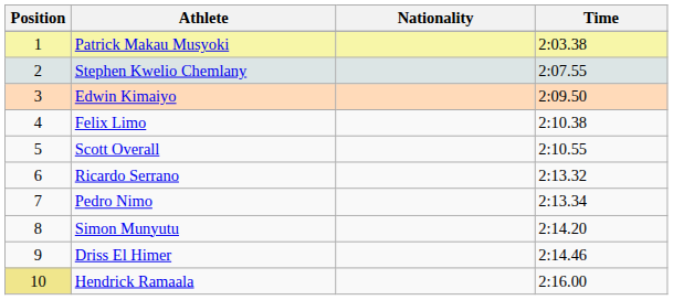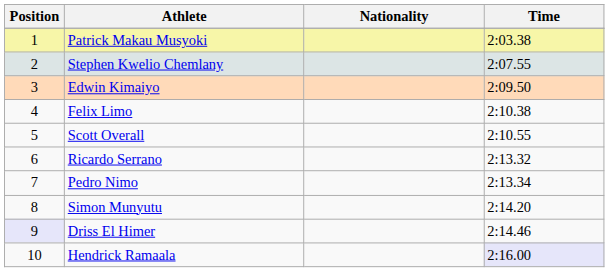 <table class="wikitable sortable" border="1"  style="font-size:95%;" width=50%>
 <tr>
 <th width="10%">Position</th>
 <th width="40%">Athlete</th>
 <th width="30%">Nationality</th>
 <th width="20%">Time</th>
 </tr>
 <tr>
 </tr>
 <tr bgcolor="#F7F6A8">
 <td align=center>1</td>
 <td><a href='#'>Patrick Makau Musyoki</a></td>
 <td></td>
 <td>2:03.38</td>
 </tr>
 <tr bgcolor="#DCE5E5">
 <td align=center>2</td>
 <td><a href='#'>Stephen Kwelio Chemlany</a></td>
 <td></td>
 <td>2:07.55</td>
 </tr>
 <tr bgcolor="#FFDAB9">
 <td align=center>3</td>
 <td><a href='#'>Edwin Kimaiyo</a></td>
 <td></td>
 <td>2:09.50</td>
 </tr>
 <tr>
 <td align=center>4</td>
 <td><a href='#'>Felix Limo</a></td>
 <td></td>
 <td>2:10.38</td>
 </tr>
 <tr>
 <td align=center>5</td>
 <td><a href='#'>Scott Overall</a></td>
 <td></td>
 <td>2:10.55</td>
 </tr>
 <tr>
 <td align=center>6</td>
 <td><a href='#'>Ricardo Serrano</a></td>
 <td></td>
 <td>2:13.32</td>
 </tr>
 <tr>
 <td align=center>7</td>
 <td><a href='#'>Pedro Nimo</a></td>
 <td></td>
 <td>2:13.34</td>
 </tr>
 <tr>
 <td align=center>8</td>
 <td><a href='#'>Simon Munyutu</a></td>
 <td></td>
 <td>2:14.20</td>
 </tr>
 <tr>
-<td align=center>9</td>
+<td align=center style="background: lavender;">9</td>
 <td><a href='#'>Driss El Himer</a></td>
 <td></td>
 <td>2:14.46</td>
 </tr>
 <tr>
-<td align=center style="background: khaki;">10</td>
+<td align=center>10</td>
 <td><a href='#'>Hendrick Ramaala</a></td>
 <td></td>
-<td>2:16.00</td>
+<td style="background: lavender;">2:16.00</td>
 </tr>
 </table>
